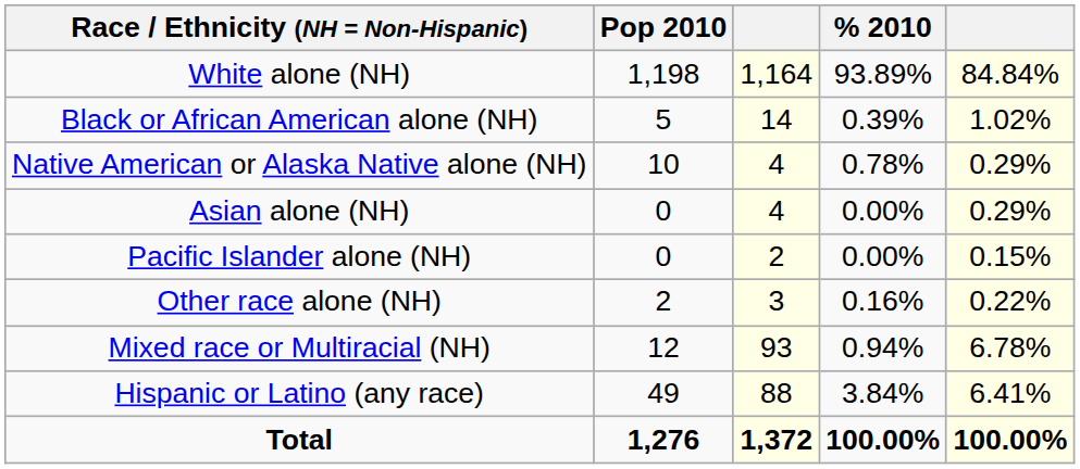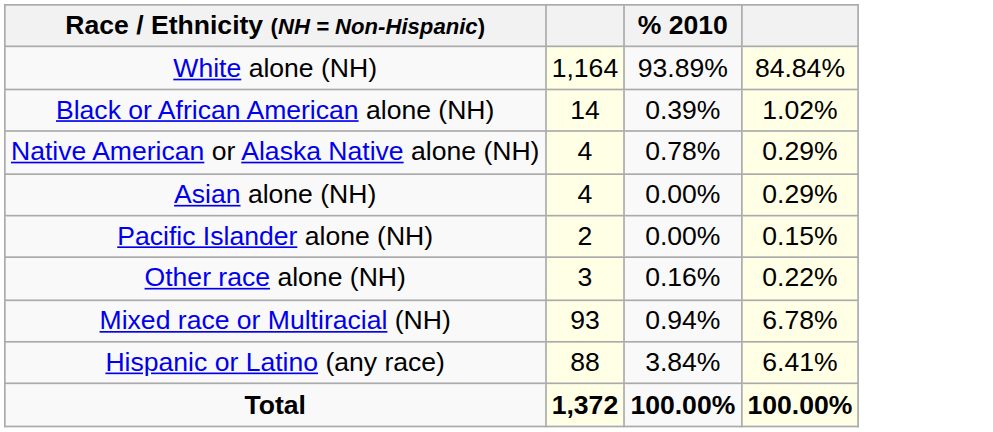 <table class="wikitable" style="text-align:center;">
 <tr>
 <th>Race / Ethnicity <small>(<em>NH = Non-Hispanic</em>)</small></th>
-<th>Pop 2010</th>
 <th></th>
 <th>% 2010</th>
 <th></th>
 </tr>
 <tr>
 <td><a href='#'>White</a> alone (NH)</td>
-<td>1,198</td>
 <td style='background: #ffffe6;'>1,164</td>
 <td>93.89%</td>
 <td style='background: #ffffe6;'>84.84%</td>
 </tr>
 <tr>
 <td><a href='#'>Black or African American</a> alone (NH)</td>
-<td>5</td>
 <td style='background: #ffffe6;'>14</td>
 <td>0.39%</td>
 <td style='background: #ffffe6;'>1.02%</td>
 </tr>
 <tr>
 <td><a href='#'>Native American</a> or <a href='#'>Alaska Native</a> alone (NH)</td>
-<td>10</td>
 <td style='background: #ffffe6;'>4</td>
 <td>0.78%</td>
 <td style='background: #ffffe6;'>0.29%</td>
 </tr>
 <tr>
 <td><a href='#'>Asian</a> alone (NH)</td>
-<td>0</td>
 <td style='background: #ffffe6;'>4</td>
 <td>0.00%</td>
 <td style='background: #ffffe6;'>0.29%</td>
 </tr>
 <tr>
 <td><a href='#'>Pacific Islander</a> alone (NH)</td>
-<td>0</td>
 <td style='background: #ffffe6;'>2</td>
 <td>0.00%</td>
 <td style='background: #ffffe6;'>0.15%</td>
 </tr>
 <tr>
 <td><a href='#'>Other race</a> alone (NH)</td>
-<td>2</td>
 <td style='background: #ffffe6;'>3</td>
 <td>0.16%</td>
 <td style='background: #ffffe6;'>0.22%</td>
 </tr>
 <tr>
 <td><a href='#'>Mixed race or Multiracial</a> (NH)</td>
-<td>12</td>
 <td style='background: #ffffe6;'>93</td>
 <td>0.94%</td>
 <td style='background: #ffffe6;'>6.78%</td>
 </tr>
 <tr>
 <td><a href='#'>Hispanic or Latino</a> (any race)</td>
-<td>49</td>
 <td style='background: #ffffe6;'>88</td>
 <td>3.84%</td>
 <td style='background: #ffffe6;'>6.41%</td>
 </tr>
 <tr>
 <td><strong>Total</strong></td>
-<td><strong>1,276</strong></td>
 <td style='background: #ffffe6;'><strong>1,372</strong></td>
 <td><strong>100.00%</strong></td>
 <td style='background: #ffffe6;'><strong>100.00%</strong></td>
 </tr>
 </table>
